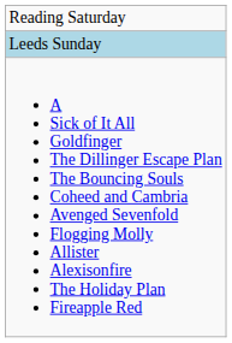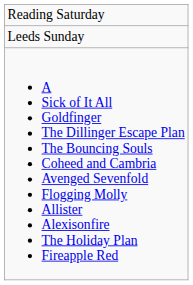 <table class="wikitable">
 <tr>
 <td>Reading Saturday</td>
 </tr>
 <tr>
-<td style="background: lightblue;">Leeds Sunday</td>
+<td>Leeds Sunday</td>
 </tr>
 <tr>
 <td><br><ul><li><a href='#'>A</a></li><li><a href='#'>Sick of It All</a></li><li><a href='#'>Goldfinger</a></li><li><a href='#'>The Dillinger Escape Plan</a></li><li><a href='#'>The Bouncing Souls</a></li><li><a href='#'>Coheed and Cambria</a></li><li><a href='#'>Avenged Sevenfold</a></li><li><a href='#'>Flogging Molly</a></li><li><a href='#'>Allister</a></li><li><a href='#'>Alexisonfire</a></li><li><a href='#'>The Holiday Plan</a></li><li><a href='#'>Fireapple Red</a></li></ul></td>
 </tr>
 </table>
